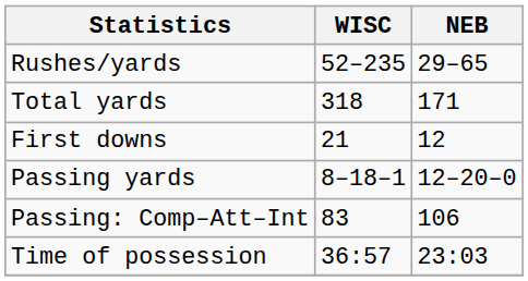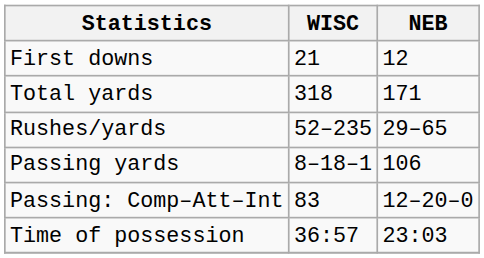 <table class="wikitable" style="float: left;">
 <tr>
 <th>Statistics</th>
 <th>WISC</th>
 <th>NEB</th>
 </tr>
 <tr>
-<td>Rushes/yards</td>
-<td>52–235</td>
-<td>29–65</td>
+<td>First downs</td>
+<td>21</td>
+<td>12</td>
 </tr>
 <tr>
 <td>Total yards</td>
 <td>318</td>
 <td>171</td>
 </tr>
 <tr>
-<td>First downs</td>
-<td>21</td>
-<td>12</td>
+<td>Rushes/yards</td>
+<td>52–235</td>
+<td>29–65</td>
 </tr>
 <tr>
 <td>Passing yards</td>
 <td>8–18–1</td>
-<td>12–20–0</td>
+<td>106</td>
 </tr>
 <tr>
 <td>Passing: Comp–Att–Int</td>
 <td>83</td>
-<td>106</td>
+<td>12–20–0</td>
 </tr>
 <tr>
 <td>Time of possession</td>
 <td>36:57</td>
 <td>23:03</td>
 </tr>
 <tr>
 </tr>
 </table>
